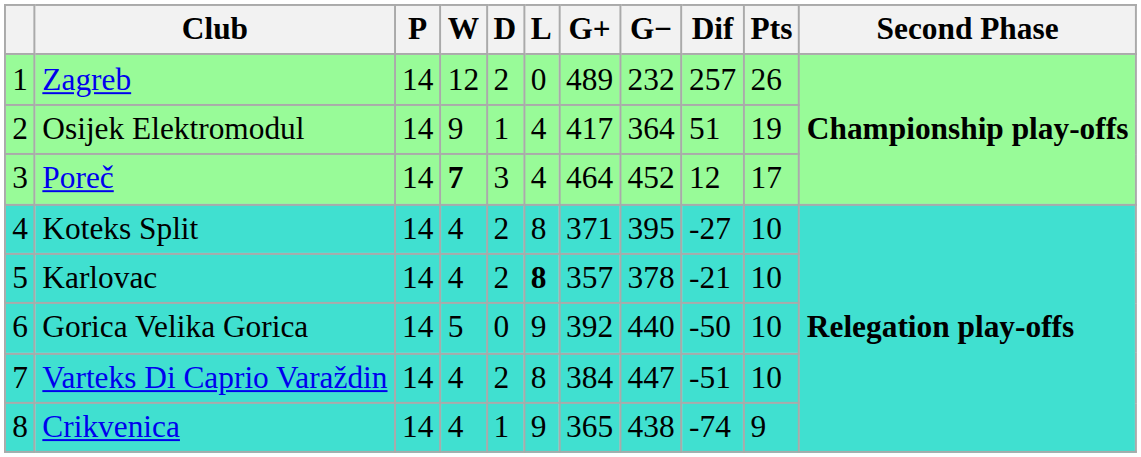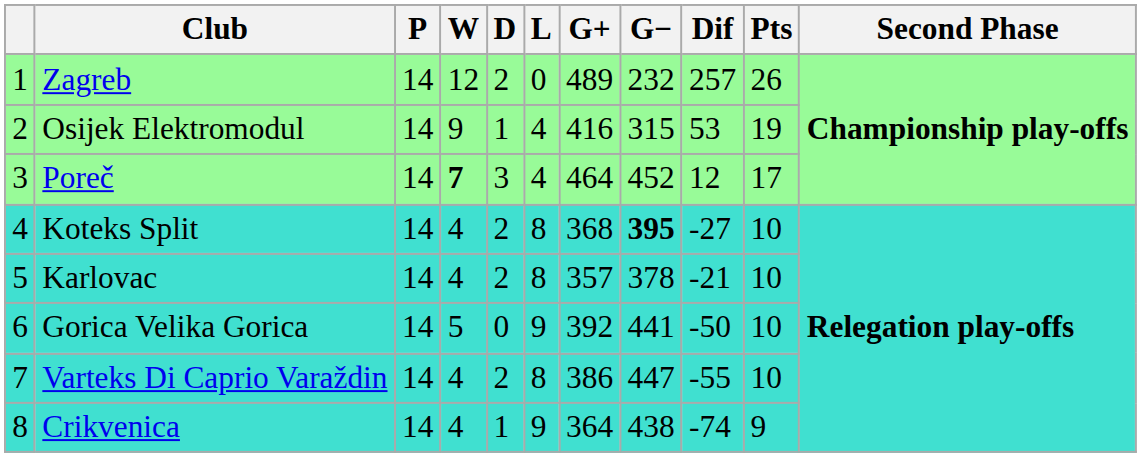 <table class="wikitable sortable">
 <tr>
 <th></th>
 <th>Club</th>
 <th>P</th>
 <th>W</th>
 <th>D</th>
 <th>L</th>
 <th>G+</th>
 <th>G−</th>
 <th>Dif</th>
 <th>Pts</th>
 <th>Second Phase</th>
 </tr>
 <tr style="background:palegreen;">
 <td>1</td>
 <td><a href='#'>Zagreb</a></td>
 <td>14</td>
 <td>12</td>
 <td>2</td>
 <td>0</td>
 <td>489</td>
 <td>232</td>
 <td>257</td>
 <td>26</td>
 <td rowspan="3"><strong>Championship play-offs</strong></td>
 </tr>
 <tr style="background:palegreen;">
 <td>2</td>
 <td>Osijek Elektromodul</td>
 <td>14</td>
 <td>9</td>
 <td>1</td>
 <td>4</td>
-<td>417</td>
-<td>364</td>
-<td>51</td>
+<td>416</td>
+<td>315</td>
+<td>53</td>
 <td>19</td>
 </tr>
 <tr style="background:palegreen;">
 <td>3</td>
 <td><a href='#'>Poreč</a></td>
 <td>14</td>
 <td><strong>7</strong></td>
 <td>3</td>
 <td>4</td>
 <td>464</td>
 <td>452</td>
 <td>12</td>
 <td>17</td>
 </tr>
 <tr style="background:turquoise;">
 <td>4</td>
 <td>Koteks Split</td>
 <td>14</td>
 <td>4</td>
 <td>2</td>
 <td>8</td>
-<td>371</td>
-<td>395</td>
+<td>368</td>
+<td><strong>395</strong></td>
 <td>-27</td>
 <td>10</td>
 <td rowspan="5"><strong>Relegation play-offs</strong></td>
 </tr>
 <tr style="background:turquoise;">
 <td>5</td>
 <td>Karlovac</td>
 <td>14</td>
 <td>4</td>
 <td>2</td>
-<td><strong>8</strong></td>
+<td>8</td>
 <td>357</td>
 <td>378</td>
 <td>-21</td>
 <td>10</td>
 </tr>
 <tr style="background:turquoise;">
 <td>6</td>
 <td>Gorica Velika Gorica</td>
 <td>14</td>
 <td>5</td>
 <td>0</td>
 <td>9</td>
 <td>392</td>
-<td>440</td>
+<td>441</td>
 <td>-50</td>
 <td>10</td>
 </tr>
 <tr style="background:turquoise;">
 <td>7</td>
 <td><a href='#'>Varteks Di Caprio Varaždin</a></td>
 <td>14</td>
 <td>4</td>
 <td>2</td>
 <td>8</td>
-<td>384</td>
+<td>386</td>
 <td>447</td>
-<td>-51</td>
+<td>-55</td>
 <td>10</td>
 </tr>
 <tr style="background:turquoise;">
 <td>8</td>
 <td><a href='#'>Crikvenica</a></td>
 <td>14</td>
 <td>4</td>
 <td>1</td>
 <td>9</td>
-<td>365</td>
+<td>364</td>
 <td>438</td>
 <td>-74</td>
 <td>9</td>
 </tr>
 </table>
